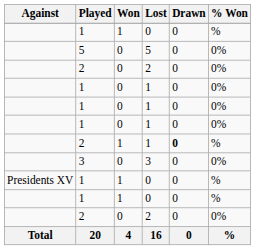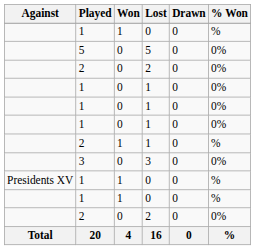 <table class="sortable wikitable" style="font-size: 87%;">
 <tr>
 <th>Against</th>
 <th>Played</th>
 <th>Won</th>
 <th>Lost</th>
 <th>Drawn</th>
 <th>% Won</th>
 </tr>
 <tr bgcolor="#d0ffd0" align="center">
 </tr>
 <tr>
 <td align="left"></td>
 <td>1</td>
 <td>1</td>
 <td>0</td>
 <td>0</td>
 <td>%</td>
 </tr>
 <tr>
 <td align="left"></td>
 <td>5</td>
 <td>0</td>
 <td>5</td>
 <td>0</td>
 <td>0%</td>
 </tr>
 <tr>
 <td align="left"></td>
 <td>2</td>
 <td>0</td>
 <td>2</td>
 <td>0</td>
 <td>0%</td>
 </tr>
 <tr>
 <td align="left"></td>
 <td>1</td>
 <td>0</td>
 <td>1</td>
 <td>0</td>
 <td>0%</td>
 </tr>
 <tr>
 <td align="left"></td>
 <td>1</td>
 <td>0</td>
 <td>1</td>
 <td>0</td>
 <td>0%</td>
 </tr>
 <tr>
 <td align="left"></td>
 <td>1</td>
 <td>0</td>
 <td>1</td>
 <td>0</td>
 <td>0%</td>
 </tr>
 <tr>
 <td align="left"></td>
 <td>2</td>
 <td>1</td>
 <td>1</td>
-<td><strong>0</strong></td>
+<td>0</td>
 <td>%</td>
 </tr>
 <tr>
 <td align="left"></td>
 <td>3</td>
 <td>0</td>
 <td>3</td>
 <td>0</td>
 <td>0%</td>
 </tr>
 <tr>
 <td align="left"> Presidents XV</td>
 <td>1</td>
 <td>1</td>
 <td>0</td>
 <td>0</td>
 <td>%</td>
 </tr>
 <tr>
 <td align="left"></td>
 <td>1</td>
 <td>1</td>
 <td>0</td>
 <td>0</td>
 <td>%</td>
 </tr>
 <tr>
 <td align="left"></td>
 <td>2</td>
 <td>0</td>
 <td>2</td>
 <td>0</td>
 <td>0%</td>
 </tr>
 <tr>
 <th>Total</th>
 <th><strong>20</strong></th>
 <th><strong>4</strong></th>
 <th><strong>16</strong></th>
 <th><strong>0</strong></th>
 <th><strong>%</strong></th>
 </tr>
 </table>
